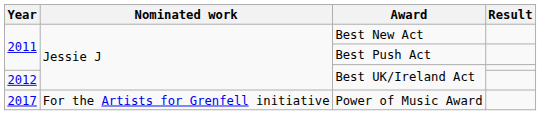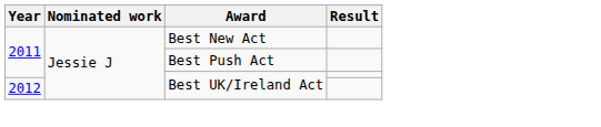 <table class="wikitable">
 <tr>
 <th>Year</th>
 <th>Nominated work</th>
 <th>Award</th>
 <th>Result</th>
 </tr>
 <tr>
 <td rowspan="3"><a href='#'>2011</a></td>
 <td rowspan="4">Jessie J</td>
 <td>Best New Act</td>
 <td></td>
 </tr>
 <tr>
 <td>Best Push Act</td>
 <td></td>
 </tr>
 <tr>
 <td rowspan="2">Best UK/Ireland Act</td>
 <td></td>
 </tr>
 <tr>
 <td><a href='#'>2012</a></td>
 <td></td>
 </tr>
-<tr>
-<td rowspan="1"><a href='#'>2017</a></td>
-<td rowspan="1">For the <a href='#'>Artists for Grenfell</a> initiative</td>
-<td>Power of Music Award</td>
-<td></td>
-</tr>
 </table>
